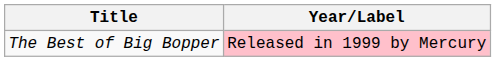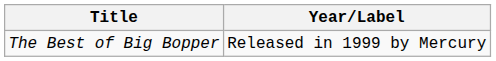 <table class="wikitable">
 <tr>
 <th>Title</th>
 <th><strong>Year/Label</strong></th>
 </tr>
 <tr>
 <td><em>The Best of Big Bopper</em></td>
-<td style="background: pink;">Released in 1999 by Mercury</td>
+<td>Released in 1999 by Mercury</td>
 </tr>
 </table>
